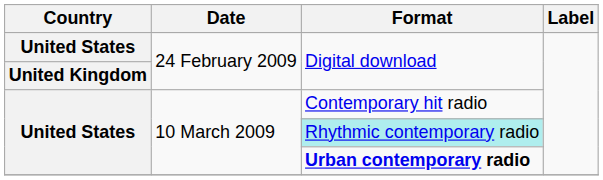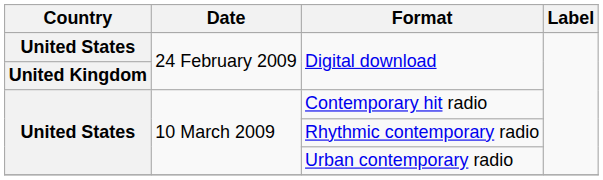 <table class="wikitable plainrowheaders">
 <tr>
 <th scope="col">Country</th>
 <th scope="col">Date</th>
 <th scope="col">Format</th>
 <th scope="col">Label</th>
 </tr>
 <tr>
 <th scope="row">United States</th>
 <td rowspan="2">24 February 2009</td>
 <td rowspan="2"><a href='#'>Digital download</a></td>
 <td rowspan="5"></td>
 </tr>
 <tr>
 <th scope="row">United Kingdom</th>
 </tr>
 <tr>
 <th scope="row" rowspan="3">United States</th>
 <td rowspan="3">10 March 2009</td>
 <td><a href='#'>Contemporary hit</a> radio</td>
 </tr>
 <tr>
-<td style="background: paleturquoise;"><a href='#'>Rhythmic contemporary</a> radio</td>
+<td><a href='#'>Rhythmic contemporary</a> radio</td>
 </tr>
 <tr>
-<td><strong><a href='#'>Urban contemporary</a> radio</strong></td>
+<td><a href='#'>Urban contemporary</a> radio</td>
 </tr>
 <tr>
 </tr>
 </table>
